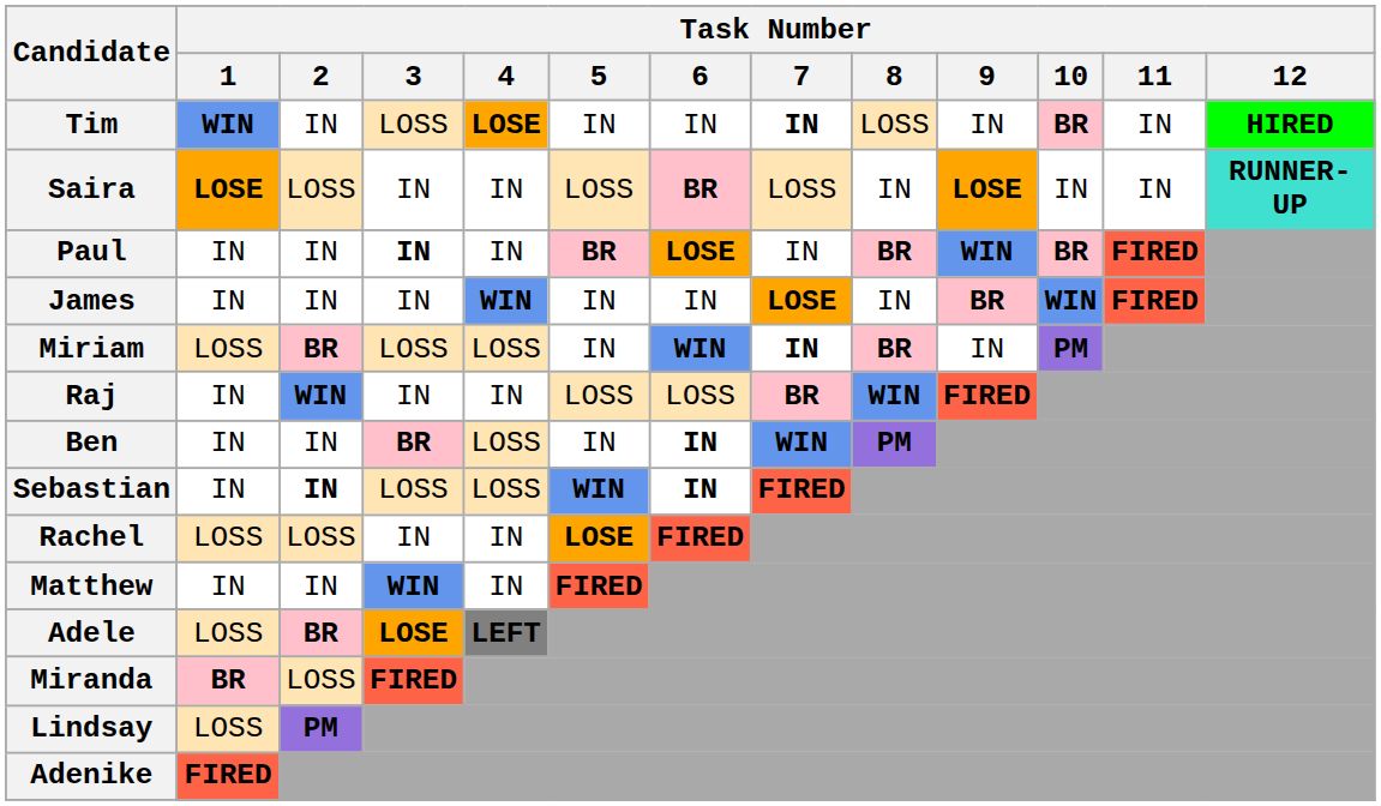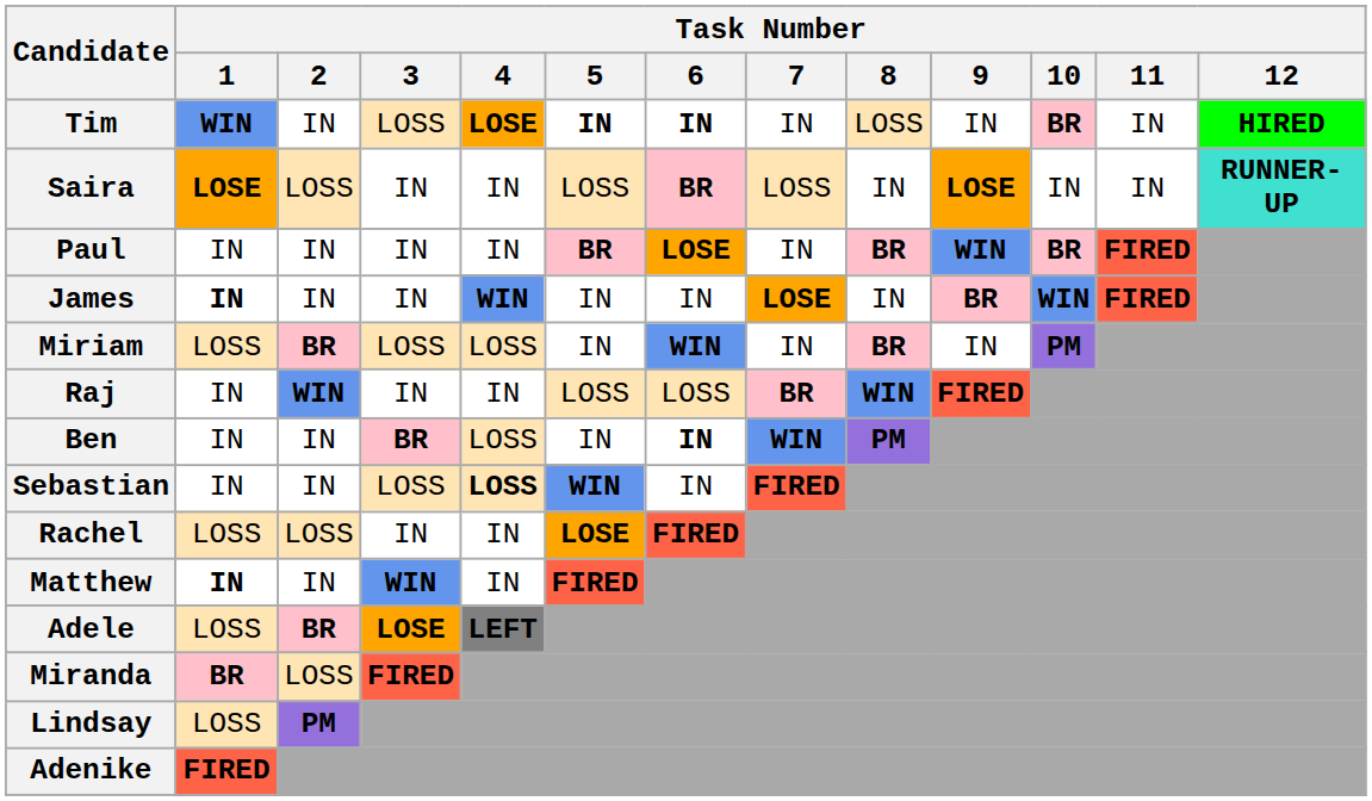 <table class="wikitable" style="text-align:center">
 <tr>
 <th rowspan="2">Candidate</th>
 <th colspan="13">Task Number</th>
 </tr>
 <tr>
 <th>1</th>
 <th>2</th>
 <th>3</th>
 <th>4</th>
 <th>5</th>
 <th>6</th>
 <th>7</th>
 <th>8</th>
 <th>9</th>
 <th>10</th>
 <th>11</th>
 <th>12</th>
 </tr>
 <tr>
 <th>Tim</th>
 <td style="background:cornflowerblue;"><strong>WIN</strong></td>
 <td style="background:white;">IN</td>
 <td style="background:#FFE5B4;">LOSS</td>
 <td style="background:orange;"><strong>LOSE</strong></td>
+<td style="background:white;"><strong>IN</strong></td>
+<td style="background:white;"><strong>IN</strong></td>
 <td style="background:white;">IN</td>
-<td style="background:white;">IN</td>
-<td style="background:white;"><strong>IN</strong></td>
 <td style="background:#FFE5B4;">LOSS</td>
 <td style="background:white;">IN</td>
 <td style="background:pink;"><strong>BR</strong></td>
 <td style="background:white;">IN</td>
 <td style="background:lime;"><strong>HIRED</strong></td>
 </tr>
 <tr>
 <th>Saira</th>
 <td style="background:orange;"><strong>LOSE</strong></td>
 <td style="background:#FFE5B4;">LOSS</td>
 <td style="background:white;">IN</td>
 <td style="background:white;">IN</td>
 <td style="background:#FFE5B4;">LOSS</td>
 <td style="background:pink;"><strong>BR</strong></td>
 <td style="background:#FFE5B4;">LOSS</td>
 <td style="background:white;">IN</td>
 <td style="background:orange;"><strong>LOSE</strong></td>
 <td style="background:white;">IN</td>
 <td style="background:white;">IN</td>
 <td style="background:turquoise;"><strong>RUNNER-UP</strong></td>
 </tr>
 <tr>
 <th>Paul</th>
 <td style="background:white;">IN</td>
 <td style="background:white;">IN</td>
-<td style="background:white;"><strong>IN</strong></td>
+<td style="background:white;">IN</td>
 <td style="background:white;">IN</td>
 <td style="background:pink;"><strong>BR</strong></td>
 <td style="background:orange;"><strong>LOSE</strong></td>
 <td style="background:white;">IN</td>
 <td style="background:pink;"><strong>BR</strong></td>
 <td style="background:cornflowerblue;"><strong>WIN</strong></td>
 <td style="background:pink;"><strong>BR</strong></td>
 <td style="background:tomato;"><strong>FIRED</strong></td>
 <td colspan="1" style="background:darkgrey;"></td>
 </tr>
 <tr>
 <th>James</th>
-<td style="background:white;">IN</td>
+<td style="background:white;"><strong>IN</strong></td>
 <td style="background:white;">IN</td>
 <td style="background:white;">IN</td>
 <td style="background:cornflowerblue;"><strong>WIN</strong></td>
 <td style="background:white;">IN</td>
 <td style="background:white;">IN</td>
 <td style="background:orange;"><strong>LOSE</strong></td>
 <td style="background:white;">IN</td>
 <td style="background:pink;"><strong>BR</strong></td>
 <td style="background:cornflowerblue;"><strong>WIN</strong></td>
 <td style="background:tomato;"><strong>FIRED</strong></td>
 <td colspan="1" style="background:darkgrey;"></td>
 </tr>
 <tr>
 <th>Miriam</th>
 <td style="background:#FFE5B4;">LOSS</td>
 <td style="background:pink;"><strong>BR</strong></td>
 <td style="background:#FFE5B4;">LOSS</td>
 <td style="background:#FFE5B4;">LOSS</td>
 <td style="background:white;">IN</td>
 <td style="background:cornflowerblue;"><strong>WIN</strong></td>
-<td style="background:white;"><strong>IN</strong></td>
+<td style="background:white;">IN</td>
 <td style="background:pink;"><strong>BR</strong></td>
 <td style="background:white;">IN</td>
 <td style="background:#9370DB;"><strong>PM</strong></td>
 <td colspan="2" style="background:darkgrey;"></td>
 </tr>
 <tr>
 <th>Raj</th>
 <td style="background:white;">IN</td>
 <td style="background:cornflowerblue;"><strong>WIN</strong></td>
 <td style="background:white;">IN</td>
 <td style="background:white;">IN</td>
 <td style="background:#FFE5B4;">LOSS</td>
 <td style="background:#FFE5B4;">LOSS</td>
 <td style="background:pink;"><strong>BR</strong></td>
 <td style="background:cornflowerblue;"><strong>WIN</strong></td>
 <td style="background:tomato;"><strong>FIRED</strong></td>
 <td colspan="3" style="background:darkgrey;"></td>
 </tr>
 <tr>
 <th>Ben</th>
 <td style="background:white;">IN</td>
 <td style="background:white;">IN</td>
 <td style="background:pink;"><strong>BR</strong></td>
 <td style="background:#FFE5B4;">LOSS</td>
 <td style="background:white;">IN</td>
 <td style="background:white;"><strong>IN</strong></td>
 <td style="background:cornflowerblue;"><strong>WIN</strong></td>
 <td style="background:#9370DB;"><strong>PM</strong></td>
 <td colspan="4" style="background:darkgrey;"></td>
 </tr>
 <tr>
 <th>Sebastian</th>
 <td style="background:white;">IN</td>
-<td style="background:white;"><strong>IN</strong></td>
+<td style="background:white;">IN</td>
 <td style="background:#FFE5B4;">LOSS</td>
-<td style="background:#FFE5B4;">LOSS</td>
+<td style="background:#FFE5B4;"><strong>LOSS</strong></td>
 <td style="background:cornflowerblue;"><strong>WIN</strong></td>
-<td style="background:white;"><strong>IN</strong></td>
+<td style="background:white;">IN</td>
 <td style="background:tomato;"><strong>FIRED</strong></td>
 <td colspan="5" style="background:darkgrey;"></td>
 </tr>
 <tr>
 <th>Rachel</th>
 <td style="background:#FFE5B4;">LOSS</td>
 <td style="background:#FFE5B4;">LOSS</td>
 <td style="background:white;">IN</td>
 <td style="background:white;">IN</td>
 <td bgcolor="orange"><strong>LOSE</strong></td>
 <td style="background:tomato;"><strong>FIRED</strong></td>
 <td colspan="6" style="background:darkgrey;"></td>
 </tr>
 <tr>
 <th>Matthew</th>
-<td style="background:white;">IN</td>
+<td style="background:white;"><strong>IN</strong></td>
 <td style="background:white;">IN</td>
 <td style="background:cornflowerblue;"><strong>WIN</strong></td>
 <td style="background:white;">IN</td>
 <td style="background:tomato;"><strong>FIRED</strong></td>
 <td colspan="7" style="background:darkgrey;"></td>
 </tr>
 <tr>
 <th>Adele</th>
 <td style="background:#FFE5B4;">LOSS</td>
 <td style="background:pink;"><strong>BR</strong></td>
 <td style="background:orange;"><strong>LOSE</strong></td>
 <td style="background:grey;"><strong>LEFT</strong></td>
 <td colspan="8" style="background:darkgrey;"></td>
 </tr>
 <tr>
 <th>Miranda</th>
 <td style="background:pink;"><strong>BR</strong></td>
 <td style="background:#FFE5B4;">LOSS</td>
 <td style="background:tomato;"><strong>FIRED</strong></td>
 <td colspan="9" style="background:darkgrey;"></td>
 </tr>
 <tr>
 <th>Lindsay</th>
 <td style="background:#FFE5B4;">LOSS</td>
 <td style="background:#9370DB;"><strong>PM</strong></td>
 <td colspan="10" style="background:darkgrey;"></td>
 </tr>
 <tr>
 <th>Adenike</th>
 <td style="background:tomato;"><strong>FIRED</strong></td>
 <td colspan="11" style="background:darkgrey;"></td>
 </tr>
 </table>
